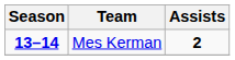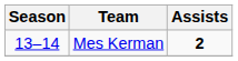 <table class="wikitable" style="text-align: center;">
 <tr>
 <th>Season</th>
 <th>Team</th>
 <th>Assists</th>
 </tr>
 <tr>
-<td><strong><a href='#'>13–14</a></strong></td>
+<td><a href='#'>13–14</a></td>
 <td align="left"><a href='#'>Mes Kerman</a></td>
 <td><strong>2</strong></td>
 </tr>
 <tr>
 </tr>
 </table>
